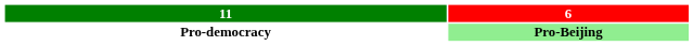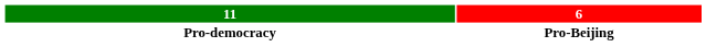 <table style="width:50%; text-align:center;">
 <tr style="color:white;">
 <td style="background:green; width:64.7%;"><strong>11</strong></td>
 <td style="background:red; width:35.3%;"><strong>6</strong></td>
 </tr>
 <tr>
 <td><span><strong>Pro-democracy</strong></span></td>
-<td style="background: lightgreen;"><span><strong>Pro-Beijing</strong></span></td>
+<td><span><strong>Pro-Beijing</strong></span></td>
 </tr>
 </table>
